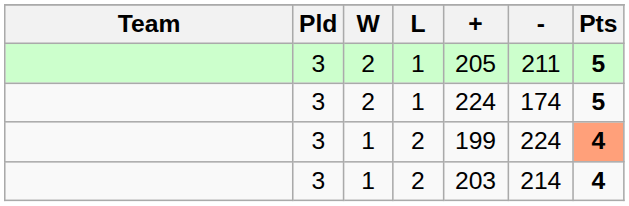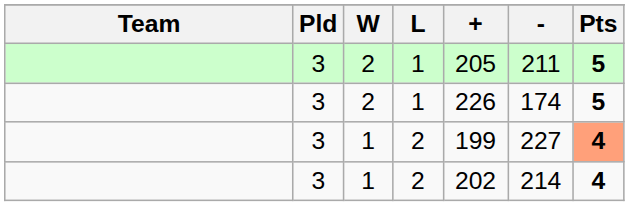 <table class=wikitable>
 <tr align=center>
 </tr>
 <tr>
 <th width=180>Team</th>
 <th width=25>Pld</th>
 <th width=25>W</th>
 <th width=25>L</th>
 <th width=35>+</th>
 <th width=35>-</th>
 <th width=25>Pts</th>
 </tr>
 <tr align=center bgcolor="#ccffcc">
 <td align=left></td>
 <td>3</td>
 <td>2</td>
 <td>1</td>
 <td>205</td>
 <td>211</td>
 <td><strong>5</strong></td>
 </tr>
 <tr align=center>
 <td align=left></td>
 <td>3</td>
 <td>2</td>
 <td>1</td>
-<td>224</td>
+<td>226</td>
 <td>174</td>
 <td><strong>5</strong></td>
 </tr>
 <tr align=center>
 <td align=left></td>
 <td>3</td>
 <td>1</td>
 <td>2</td>
 <td>199</td>
-<td>224</td>
+<td>227</td>
 <td style="background: lightsalmon;"><strong>4</strong></td>
 </tr>
 <tr align=center>
 <td align=left></td>
 <td>3</td>
 <td>1</td>
 <td>2</td>
-<td>203</td>
+<td>202</td>
 <td>214</td>
 <td><strong>4</strong></td>
 </tr>
 </table>
